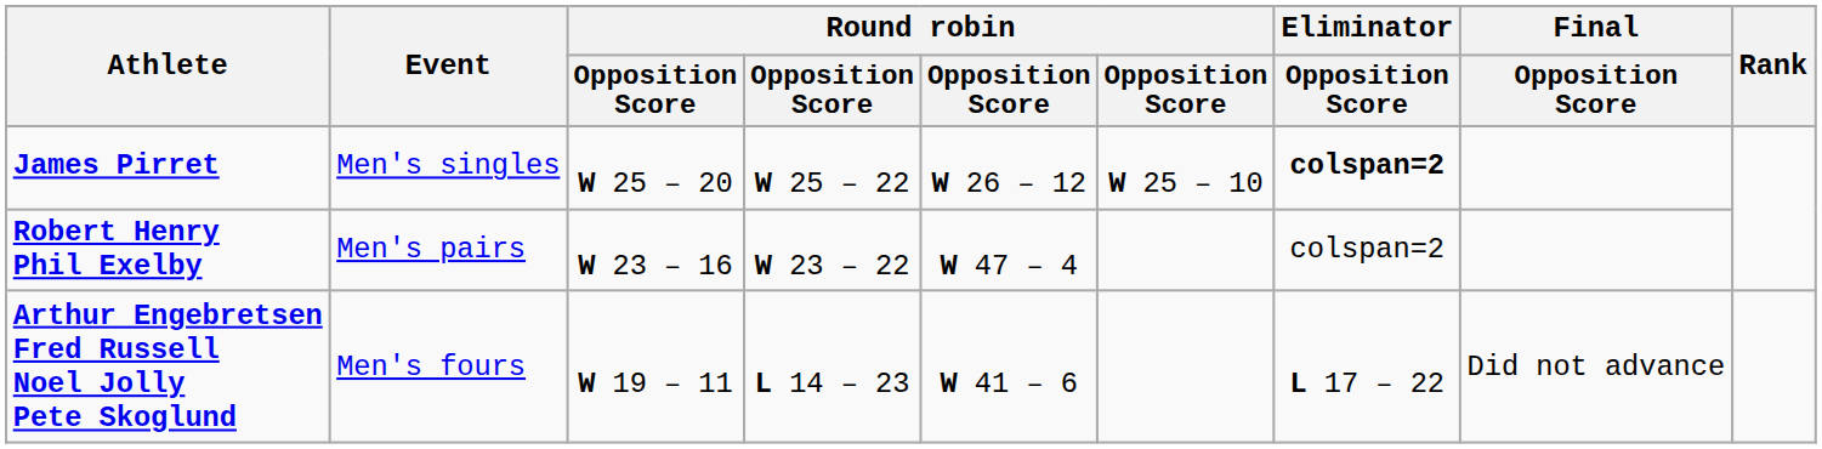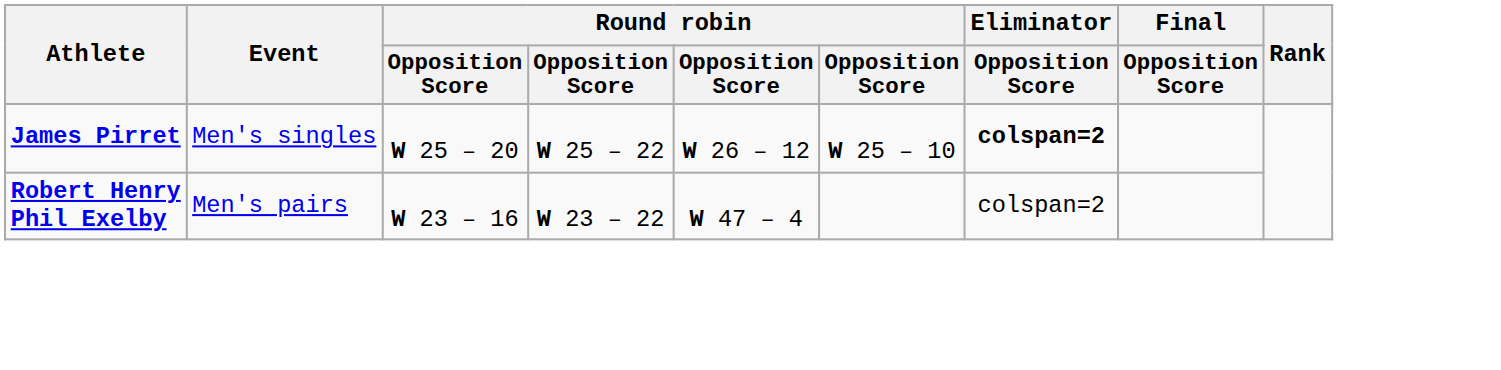 <table class=wikitable style="font-size:90%;text-align:center">
 <tr>
 <th rowspan="2">Athlete</th>
 <th rowspan="2">Event</th>
 <th colspan=4>Round robin</th>
 <th>Eliminator</th>
 <th>Final</th>
 <th rowspan=2>Rank</th>
 </tr>
 <tr style="font-size:95%">
 <th>Opposition<br>Score</th>
 <th>Opposition<br>Score</th>
 <th>Opposition<br>Score</th>
 <th>Opposition<br>Score</th>
 <th>Opposition<br>Score</th>
 <th>Opposition<br>Score</th>
 </tr>
 <tr>
 <td style="text-align:left;"><strong><a href='#'>James Pirret</a></strong></td>
 <td style="text-align:left;"><a href='#'>Men's singles</a></td>
 <td><br><strong>W</strong> 25 – 20</td>
 <td><br><strong>W</strong> 25 – 22</td>
 <td><br><strong>W</strong> 26 – 12</td>
 <td><br><strong>W</strong> 25 – 10</td>
 <td><strong>colspan=2 </strong></td>
 <td></td>
 </tr>
 <tr>
 <td style="text-align:left;"><strong><a href='#'>Robert Henry</a><br><a href='#'>Phil Exelby</a></strong></td>
 <td style="text-align:left;"><a href='#'>Men's pairs</a></td>
 <td><br><strong>W</strong> 23 – 16</td>
 <td><br><strong>W</strong> 23 – 22</td>
 <td><br><strong>W</strong> 47 – 4</td>
 <td></td>
 <td>colspan=2 </td>
 <td></td>
 </tr>
-<tr>
-<td style="text-align:left;"><strong><a href='#'>Arthur Engebretsen</a><br><a href='#'>Fred Russell</a><br><a href='#'>Noel Jolly</a><br><a href='#'>Pete Skoglund</a></strong></td>
-<td style="text-align:left;"><a href='#'>Men's fours</a></td>
-<td><br><strong>W</strong> 19 – 11</td>
-<td><br><strong>L</strong> 14 – 23</td>
-<td><br><strong>W</strong> 41 – 6</td>
-<td></td>
-<td><br><strong>L</strong> 17 – 22</td>
-<td>Did not advance</td>
-<td></td>
-</tr>
 </table>
